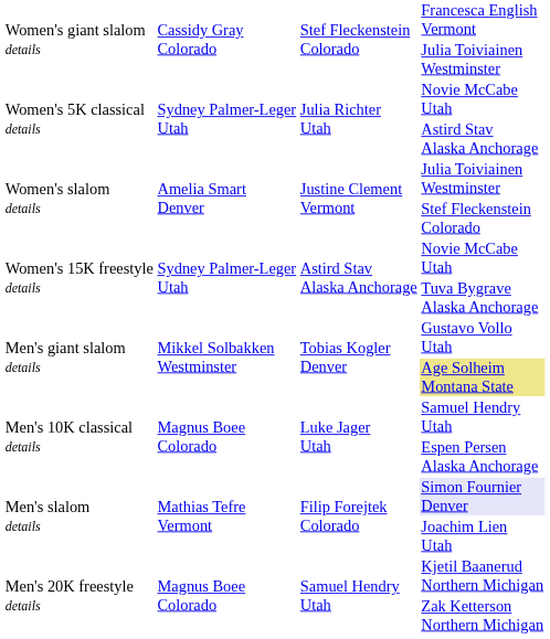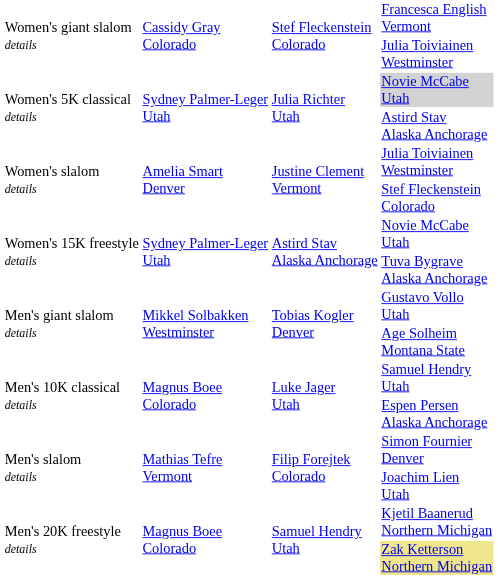 <table>
 <tr>
 <td rowspan=2>Women's giant slalom<br><small><em>details</em></small></td>
 <td rowspan=2><a href='#'>Cassidy Gray</a><br> <a href='#'>Colorado</a></td>
 <td rowspan=2><a href='#'>Stef Fleckenstein</a><br> <a href='#'>Colorado</a></td>
 <td><a href='#'>Francesca English</a><br> <a href='#'>Vermont</a></td>
 </tr>
 <tr>
 <td><a href='#'>Julia Toiviainen</a><br> <a href='#'>Westminster</a></td>
 </tr>
 <tr>
 <td rowspan=2>Women's 5K classical<br><small><em>details</em></small></td>
 <td rowspan=2><a href='#'>Sydney Palmer-Leger</a><br> <a href='#'>Utah</a></td>
 <td rowspan=2><a href='#'>Julia Richter</a><br> <a href='#'>Utah</a></td>
-<td><a href='#'>Novie McCabe</a><br> <a href='#'>Utah</a></td>
+<td style="background: lightgrey;"><a href='#'>Novie McCabe</a><br> <a href='#'>Utah</a></td>
 </tr>
 <tr>
 <td><a href='#'>Astird Stav</a><br> <a href='#'>Alaska Anchorage</a></td>
 </tr>
 <tr>
 <td rowspan=2>Women's slalom<br><small><em>details</em></small></td>
 <td rowspan=2><a href='#'>Amelia Smart</a><br> <a href='#'>Denver</a></td>
 <td rowspan=2><a href='#'>Justine Clement</a><br> <a href='#'>Vermont</a></td>
 <td><a href='#'>Julia Toiviainen</a><br> <a href='#'>Westminster</a></td>
 </tr>
 <tr>
 <td><a href='#'>Stef Fleckenstein</a><br> <a href='#'>Colorado</a></td>
 </tr>
 <tr>
 <td rowspan=2>Women's 15K freestyle<br><small><em>details</em></small></td>
 <td rowspan=2><a href='#'>Sydney Palmer-Leger</a><br> <a href='#'>Utah</a></td>
 <td rowspan=2><a href='#'>Astird Stav</a><br> <a href='#'>Alaska Anchorage</a></td>
 <td><a href='#'>Novie McCabe</a><br> <a href='#'>Utah</a></td>
 </tr>
 <tr>
 <td><a href='#'>Tuva Bygrave</a><br> <a href='#'>Alaska Anchorage</a></td>
 </tr>
 <tr>
 <td rowspan=2>Men's giant slalom<br><small><em>details</em></small></td>
 <td rowspan=2><a href='#'>Mikkel Solbakken</a><br> <a href='#'>Westminster</a></td>
 <td rowspan=2><a href='#'>Tobias Kogler</a><br> <a href='#'>Denver</a></td>
 <td><a href='#'>Gustavo Vollo</a><br> <a href='#'>Utah</a></td>
 </tr>
 <tr>
-<td style="background: khaki;"><a href='#'>Age Solheim</a><br> <a href='#'>Montana State</a></td>
+<td><a href='#'>Age Solheim</a><br> <a href='#'>Montana State</a></td>
 </tr>
 <tr>
 <td rowspan=2>Men's 10K classical<br><small><em>details</em></small></td>
 <td rowspan=2><a href='#'>Magnus Boee</a><br> <a href='#'>Colorado</a></td>
 <td rowspan=2><a href='#'>Luke Jager</a><br> <a href='#'>Utah</a></td>
 <td><a href='#'>Samuel Hendry</a><br> <a href='#'>Utah</a></td>
 </tr>
 <tr>
 <td><a href='#'>Espen Persen</a><br> <a href='#'>Alaska Anchorage</a></td>
 </tr>
 <tr>
 <td rowspan=2>Men's slalom<br><small><em>details</em></small></td>
 <td rowspan=2><a href='#'>Mathias Tefre</a><br> <a href='#'>Vermont</a></td>
 <td rowspan=2><a href='#'>Filip Forejtek</a><br> <a href='#'>Colorado</a></td>
-<td style="background: lavender;"><a href='#'>Simon Fournier</a><br> <a href='#'>Denver</a></td>
+<td><a href='#'>Simon Fournier</a><br> <a href='#'>Denver</a></td>
 </tr>
 <tr>
 <td><a href='#'>Joachim Lien</a><br> <a href='#'>Utah</a></td>
 </tr>
 <tr>
 <td rowspan=2>Men's 20K freestyle<br><small><em>details</em></small></td>
 <td rowspan=2><a href='#'>Magnus Boee</a><br> <a href='#'>Colorado</a></td>
 <td rowspan=2><a href='#'>Samuel Hendry</a><br> <a href='#'>Utah</a></td>
 <td><a href='#'>Kjetil Baanerud</a><br> <a href='#'>Northern Michigan</a></td>
 </tr>
 <tr>
-<td><a href='#'>Zak Ketterson</a><br> <a href='#'>Northern Michigan</a></td>
+<td style="background: khaki;"><a href='#'>Zak Ketterson</a><br> <a href='#'>Northern Michigan</a></td>
 </tr>
 </table>
